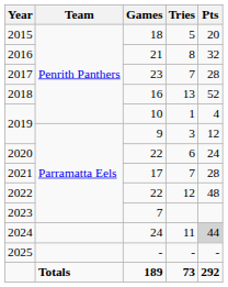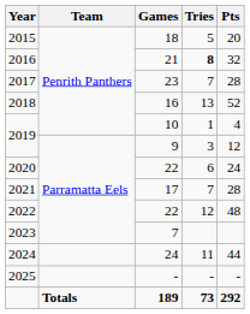 <table class="wikitable">
 <tr>
 <th>Year</th>
 <th>Team</th>
 <th>Games</th>
 <th>Tries</th>
 <th>Pts</th>
 </tr>
 <tr>
 <td align=center>2015</td>
 <td rowspan="5"> <a href='#'>Penrith Panthers</a></td>
 <td align=right>18</td>
 <td align=right>5</td>
 <td align=right>20</td>
 </tr>
 <tr>
 <td align=center>2016</td>
 <td align=right>21</td>
-<td align=right>8</td>
+<td align=right><strong>8</strong></td>
 <td align=right>32</td>
 </tr>
 <tr>
 <td align=center>2017</td>
 <td align=right>23</td>
 <td align=right>7</td>
 <td align=right>28</td>
 </tr>
 <tr>
 <td align=center>2018</td>
 <td align=right>16</td>
 <td align=right>13</td>
 <td align=right>52</td>
 </tr>
 <tr>
 <td rowspan="2">2019</td>
 <td align=right>10</td>
 <td align=right>1</td>
 <td align=right>4</td>
 </tr>
 <tr>
 <td rowspan="5"> <a href='#'>Parramatta Eels</a></td>
 <td align=right>9</td>
 <td align=right>3</td>
 <td align=right>12</td>
 </tr>
 <tr>
 <td align=center>2020</td>
 <td align=right>22</td>
 <td align=right>6</td>
 <td align=right>24</td>
 </tr>
 <tr>
 <td align=center>2021</td>
 <td align=right>17</td>
 <td align=right>7</td>
 <td align=right>28</td>
 </tr>
 <tr>
 <td align=center>2022</td>
 <td align=right>22</td>
 <td align=right>12</td>
 <td align=right>48</td>
 </tr>
 <tr>
 <td align=center>2023</td>
 <td align=right>7</td>
 <td align=right></td>
 <td align=right></td>
 </tr>
 <tr>
 <td align=center>2024</td>
 <td></td>
 <td align=right>24</td>
 <td align=right>11</td>
-<td align=right style="background: lightgrey;">44</td>
+<td align=right>44</td>
 </tr>
 <tr>
 <td align=center>2025</td>
 <td align=left></td>
 <td align=right>-</td>
 <td align=right>-</td>
 <td align=right>-</td>
 </tr>
 <tr>
 <td></td>
 <td align=left><strong>Totals</strong></td>
 <td align=right><strong>189</strong></td>
 <td align=right><strong>73</strong></td>
 <td align=right><strong>292</strong></td>
 </tr>
 </table>
